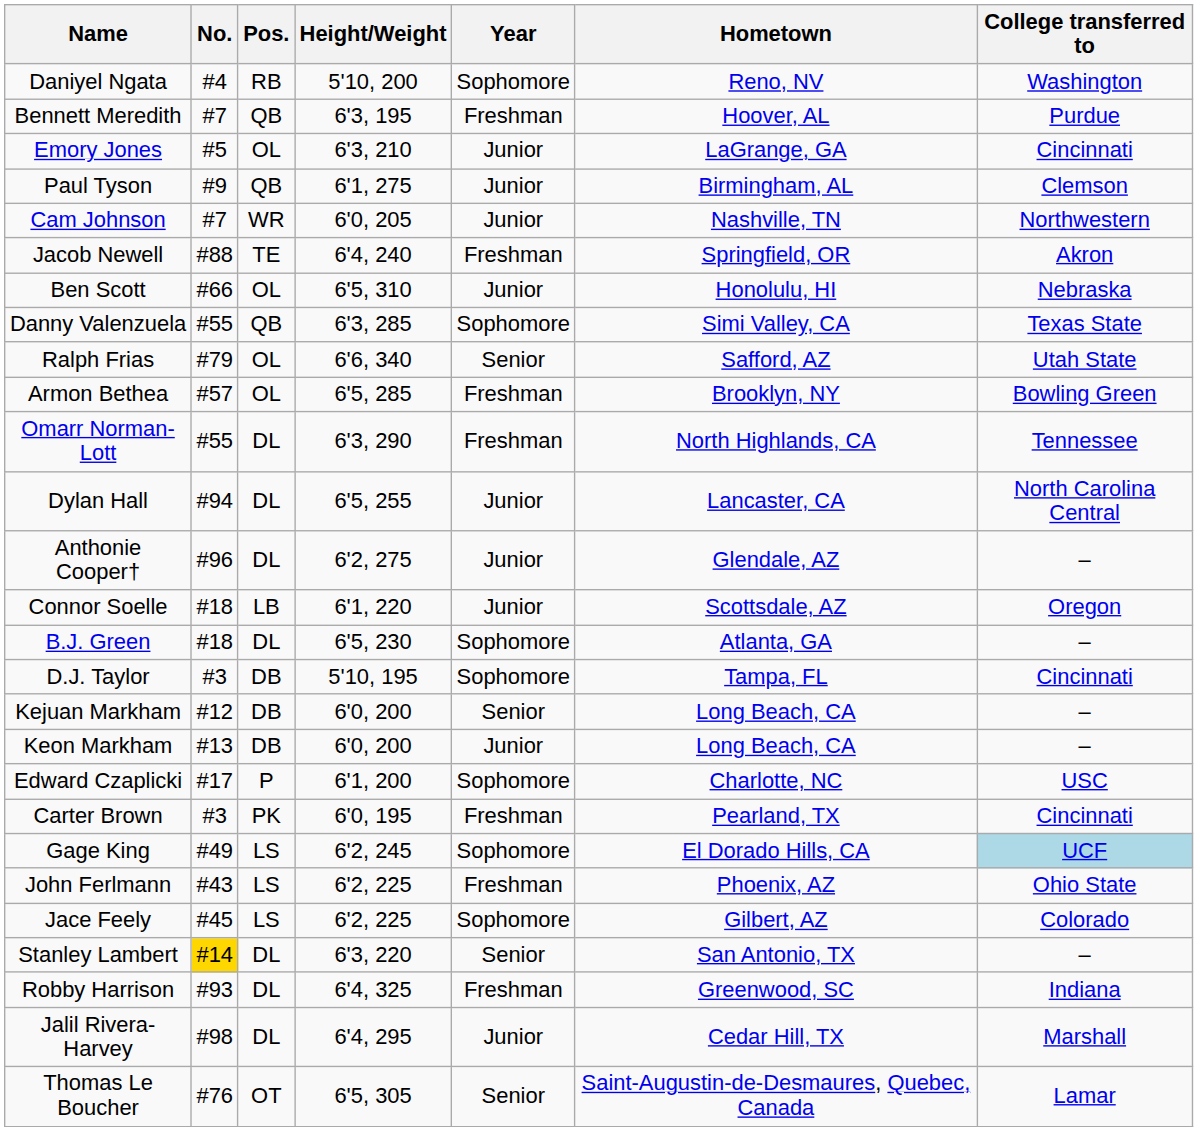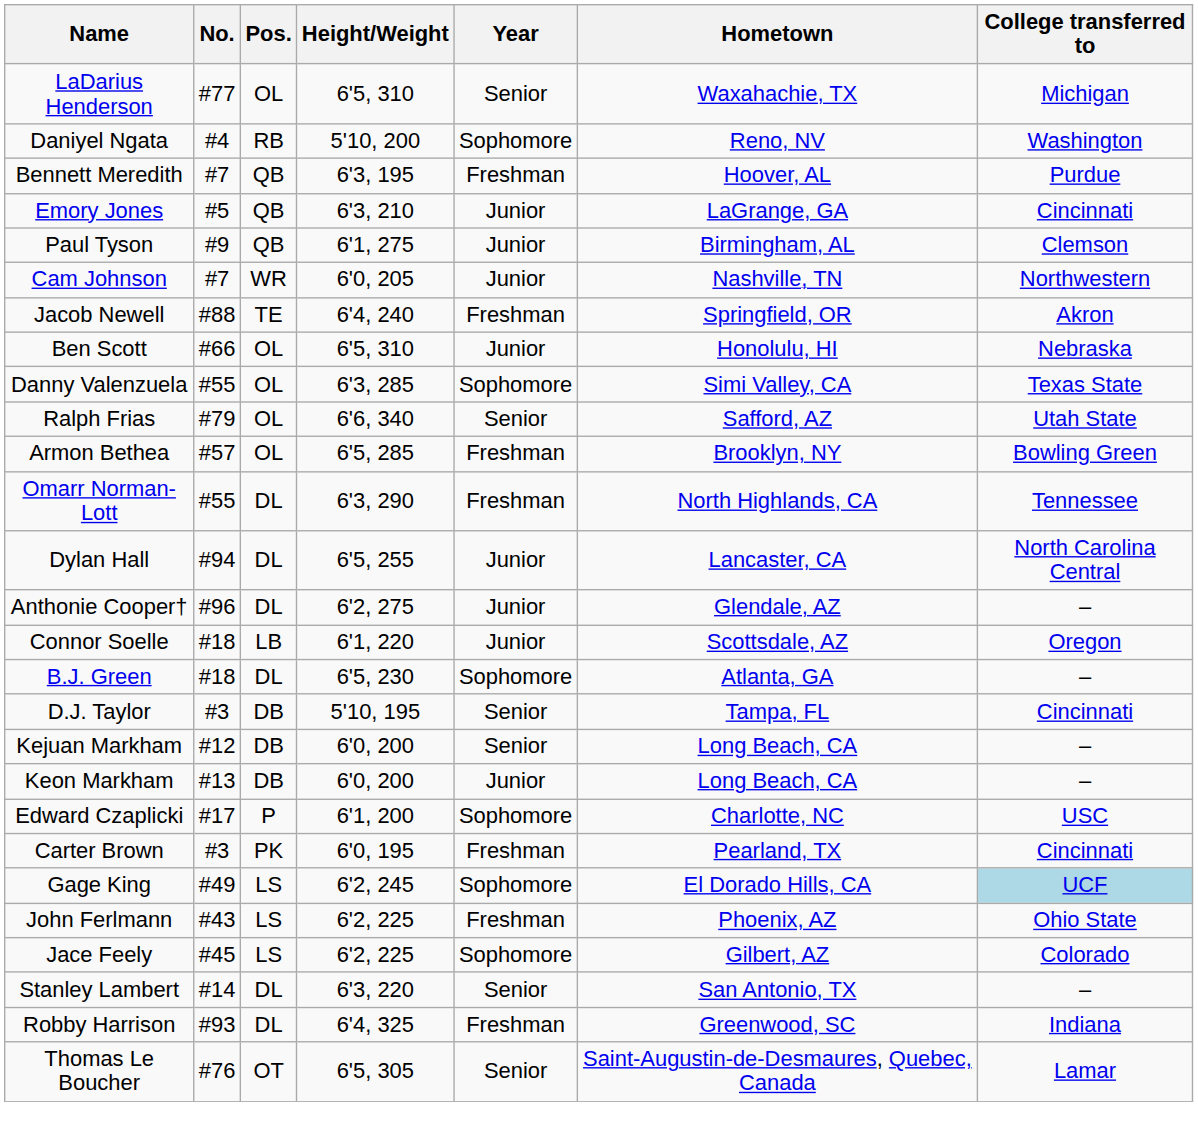 <table class="wikitable sortable sortable" style="text-align: center">
 <tr style="text-align:center">
 <th style="text-align:center; ">Name</th>
 <th style="text-align:center; ">No.</th>
 <th style="text-align:center; ">Pos.</th>
 <th style="text-align:center; ">Height/Weight</th>
 <th style="text-align:center; ">Year</th>
 <th style="text-align:center; ">Hometown</th>
 <th style="text-align:center; ">College transferred to</th>
+</tr>
+<tr>
+<td><a href='#'>LaDarius Henderson</a></td>
+<td>#77</td>
+<td>OL</td>
+<td>6'5, 310</td>
+<td>Senior</td>
+<td><a href='#'>Waxahachie, TX</a></td>
+<td><a href='#'>Michigan</a></td>
 </tr>
 <tr>
 <td>Daniyel Ngata</td>
 <td>#4</td>
 <td>RB</td>
 <td>5'10, 200</td>
 <td> Sophomore</td>
 <td><a href='#'>Reno, NV</a></td>
 <td><a href='#'>Washington</a></td>
 </tr>
 <tr>
 <td>Bennett Meredith</td>
 <td>#7</td>
 <td>QB</td>
 <td>6'3, 195</td>
 <td>Freshman</td>
 <td><a href='#'>Hoover, AL</a></td>
 <td><a href='#'>Purdue</a></td>
 </tr>
 <tr>
 <td><a href='#'>Emory Jones</a></td>
 <td>#5</td>
-<td>OL</td>
+<td>QB</td>
 <td>6'3, 210</td>
 <td> Junior</td>
 <td><a href='#'>LaGrange, GA</a></td>
 <td><a href='#'>Cincinnati</a></td>
 </tr>
 <tr>
 <td>Paul Tyson</td>
 <td>#9</td>
 <td>QB</td>
 <td>6'1, 275</td>
 <td> Junior</td>
 <td><a href='#'>Birmingham, AL</a></td>
 <td><a href='#'>Clemson</a></td>
 </tr>
 <tr>
 <td><a href='#'>Cam Johnson</a></td>
 <td>#7</td>
 <td>WR</td>
 <td>6'0, 205</td>
 <td> Junior</td>
 <td><a href='#'>Nashville, TN</a></td>
 <td><a href='#'>Northwestern</a></td>
 </tr>
 <tr>
 <td>Jacob Newell</td>
 <td>#88</td>
 <td>TE</td>
 <td>6'4, 240</td>
 <td>Freshman</td>
 <td><a href='#'>Springfield, OR</a></td>
 <td><a href='#'>Akron</a></td>
 </tr>
 <tr>
 <td>Ben Scott</td>
 <td>#66</td>
 <td>OL</td>
 <td>6'5, 310</td>
 <td> Junior</td>
 <td><a href='#'>Honolulu, HI</a></td>
 <td><a href='#'>Nebraska</a></td>
 </tr>
 <tr>
 <td>Danny Valenzuela</td>
 <td>#55</td>
-<td>QB</td>
+<td>OL</td>
 <td>6'3, 285</td>
 <td>Sophomore</td>
 <td><a href='#'>Simi Valley, CA</a></td>
 <td><a href='#'>Texas State</a></td>
 </tr>
 <tr>
 <td>Ralph Frias</td>
 <td>#79</td>
 <td>OL</td>
 <td>6'6, 340</td>
 <td> Senior</td>
 <td><a href='#'>Safford, AZ</a></td>
 <td><a href='#'>Utah State</a></td>
 </tr>
 <tr>
 <td>Armon Bethea</td>
 <td>#57</td>
 <td>OL</td>
 <td>6'5, 285</td>
 <td> Freshman</td>
 <td><a href='#'>Brooklyn, NY</a></td>
 <td><a href='#'>Bowling Green</a></td>
 </tr>
 <tr>
 <td><a href='#'>Omarr Norman-Lott</a></td>
 <td>#55</td>
 <td>DL</td>
 <td>6'3, 290</td>
 <td> Freshman</td>
 <td><a href='#'>North Highlands, CA</a></td>
 <td><a href='#'>Tennessee</a></td>
 </tr>
 <tr>
 <td>Dylan Hall</td>
 <td>#94</td>
 <td>DL</td>
 <td>6'5, 255</td>
 <td> Junior</td>
 <td><a href='#'>Lancaster, CA</a></td>
 <td><a href='#'>North Carolina Central</a></td>
 </tr>
 <tr>
 <td>Anthonie Cooper†</td>
 <td>#96</td>
 <td>DL</td>
 <td>6'2, 275</td>
 <td> Junior</td>
 <td><a href='#'>Glendale, AZ</a></td>
 <td>–</td>
 </tr>
 <tr>
 <td>Connor Soelle</td>
 <td>#18</td>
 <td>LB</td>
 <td>6'1, 220</td>
 <td> Junior</td>
 <td><a href='#'>Scottsdale, AZ</a></td>
 <td><a href='#'>Oregon</a></td>
 </tr>
 <tr>
 <td><a href='#'>B.J. Green</a></td>
 <td>#18</td>
 <td>DL</td>
 <td>6'5, 230</td>
 <td>Sophomore</td>
 <td><a href='#'>Atlanta, GA</a></td>
 <td>–</td>
 </tr>
 <tr>
 <td>D.J. Taylor</td>
 <td>#3</td>
 <td>DB</td>
 <td>5'10, 195</td>
-<td> Sophomore</td>
+<td> Senior</td>
 <td><a href='#'>Tampa, FL</a></td>
 <td><a href='#'>Cincinnati</a></td>
 </tr>
 <tr>
 <td>Kejuan Markham</td>
 <td>#12</td>
 <td>DB</td>
 <td>6'0, 200</td>
 <td>Senior</td>
 <td><a href='#'>Long Beach, CA</a></td>
 <td>–</td>
 </tr>
 <tr>
 <td>Keon Markham</td>
 <td>#13</td>
 <td>DB</td>
 <td>6'0, 200</td>
 <td> Junior</td>
 <td><a href='#'>Long Beach, CA</a></td>
 <td>–</td>
 </tr>
 <tr>
 <td>Edward Czaplicki</td>
 <td>#17</td>
 <td>P</td>
 <td>6'1, 200</td>
 <td>Sophomore</td>
 <td><a href='#'>Charlotte, NC</a></td>
 <td><a href='#'>USC</a></td>
 </tr>
 <tr>
 <td>Carter Brown</td>
 <td>#3</td>
 <td>PK</td>
 <td>6'0, 195</td>
 <td>Freshman</td>
 <td><a href='#'>Pearland, TX</a></td>
 <td><a href='#'>Cincinnati</a></td>
 </tr>
 <tr>
 <td>Gage King</td>
 <td>#49</td>
 <td>LS</td>
 <td>6'2, 245</td>
 <td> Sophomore</td>
 <td><a href='#'>El Dorado Hills, CA</a></td>
 <td style="background: lightblue;"><a href='#'>UCF</a></td>
 </tr>
 <tr>
 <td>John Ferlmann</td>
 <td>#43</td>
 <td>LS</td>
 <td>6'2, 225</td>
 <td> Freshman</td>
 <td><a href='#'>Phoenix, AZ</a></td>
 <td><a href='#'>Ohio State</a></td>
 </tr>
 <tr>
 <td>Jace Feely</td>
 <td>#45</td>
 <td>LS</td>
 <td>6'2, 225</td>
 <td> Sophomore</td>
 <td><a href='#'>Gilbert, AZ</a></td>
 <td><a href='#'>Colorado</a></td>
 </tr>
 <tr>
 <td>Stanley Lambert</td>
-<td style="background: gold;">#14</td>
+<td>#14</td>
 <td>DL</td>
 <td>6'3, 220</td>
 <td>Senior</td>
 <td><a href='#'>San Antonio, TX</a></td>
 <td>–</td>
 </tr>
 <tr>
 <td>Robby Harrison</td>
 <td>#93</td>
 <td>DL</td>
 <td>6'4, 325</td>
 <td> Freshman</td>
 <td><a href='#'>Greenwood, SC</a></td>
 <td><a href='#'>Indiana</a></td>
 </tr>
 <tr>
-<td>Jalil Rivera-Harvey</td>
-<td>#98</td>
-<td>DL</td>
-<td>6'4, 295</td>
-<td>Junior</td>
-<td><a href='#'>Cedar Hill, TX</a></td>
-<td><a href='#'>Marshall</a></td>
-</tr>
-<tr>
 <td>Thomas Le Boucher</td>
 <td>#76</td>
 <td>OT</td>
 <td>6'5, 305</td>
 <td> Senior</td>
 <td><a href='#'>Saint-Augustin-de-Desmaures</a>, <a href='#'>Quebec, Canada</a></td>
 <td><a href='#'>Lamar</a></td>
 </tr>
 <tr>
 </tr>
 </table>
